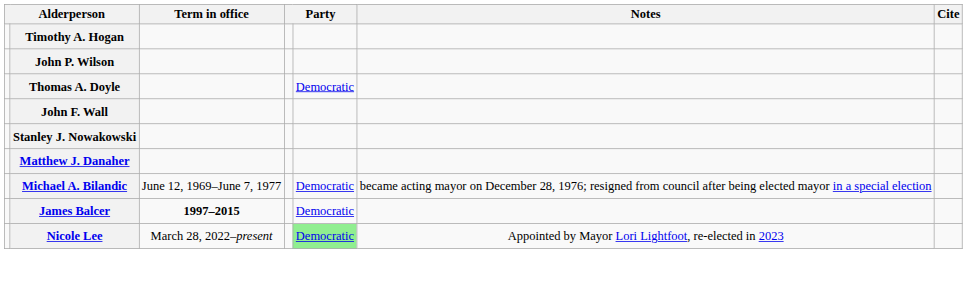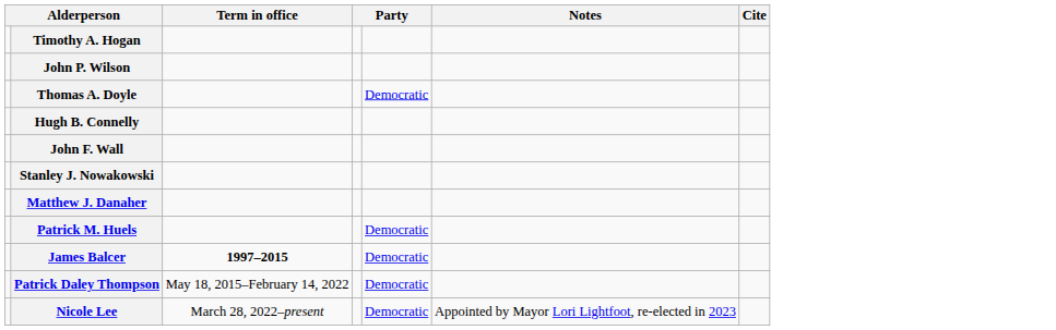 <table class="wikitable" style="text-align:center;">
 <tr>
 <th scope="col" colspan="2">Alderperson</th>
 <th scope="col">Term in office</th>
 <th scope="col"  colspan="2">Party</th>
 <th scope="col">Notes</th>
 <th scope="col">Cite</th>
 </tr>
 <tr style="height:2em;">
 <td></td>
 <th scope="row">Timothy A. Hogan</th>
 <td></td>
 <td></td>
 <td></td>
 <td></td>
 <td></td>
 </tr>
 <tr style="height:2em;">
 <td></td>
 <th scope="row">John P. Wilson</th>
 <td></td>
 <td></td>
 <td></td>
 <td></td>
 <td></td>
 </tr>
 <tr style="height:2em;">
 <td></td>
 <th scope="row">Thomas A. Doyle</th>
 <td></td>
 <td> </td>
 <td><a href='#'>Democratic</a></td>
 <td></td>
 <td></td>
 </tr>
 <tr style="height:2em;">
 <td></td>
+<th scope="row">Hugh B. Connelly</th>
+<td></td>
+<td></td>
+<td></td>
+<td></td>
+<td></td>
+</tr>
+<tr style="height:2em;">
+<td></td>
 <th scope="row">John F. Wall</th>
 <td></td>
 <td></td>
 <td></td>
 <td></td>
 <td></td>
 </tr>
 <tr style="height:2em;">
 <td></td>
 <th scope="row">Stanley J. Nowakowski</th>
 <td></td>
 <td></td>
 <td></td>
 <td></td>
 <td></td>
 </tr>
 <tr style="height:2em;">
 <td></td>
 <th scope="row"><a href='#'>Matthew J. Danaher</a></th>
 <td></td>
 <td></td>
 <td></td>
 <td></td>
 <td></td>
 </tr>
 <tr style="height:2em;">
 <td></td>
-<th scope="row"><a href='#'>Michael A. Bilandic</a></th>
-<td>June 12, 1969–June 7, 1977</td>
+<th scope="row"><a href='#'>Patrick M. Huels</a></th>
+<td></td>
 <td> </td>
 <td><a href='#'>Democratic</a></td>
-<td>became acting mayor on December 28, 1976; resigned from council after being elected mayor <a href='#'>in a special election</a></td>
+<td></td>
 <td></td>
 </tr>
 <tr style="height:2em;">
 <td></td>
 <th scope="row"><a href='#'>James Balcer</a></th>
 <td><strong>1997–2015</strong></td>
 <td> </td>
 <td><a href='#'>Democratic</a></td>
 <td></td>
 <td></td>
 </tr>
 <tr style="height:2em;">
 <td></td>
+<th scope="row"><a href='#'>Patrick Daley Thompson</a></th>
+<td>May 18, 2015–February 14, 2022</td>
+<td> </td>
+<td><a href='#'>Democratic</a></td>
+<td></td>
+<td></td>
+</tr>
+<tr style="height:2em;">
+<td></td>
 <th scope="row"><a href='#'>Nicole Lee</a></th>
 <td>March 28, 2022–<em>present</em></td>
 <td> </td>
-<td style="background: lightgreen;"><a href='#'>Democratic</a></td>
+<td><a href='#'>Democratic</a></td>
 <td>Appointed by Mayor <a href='#'>Lori Lightfoot</a>, re-elected in <a href='#'>2023</a></td>
 <td></td>
 </tr>
 </table>
